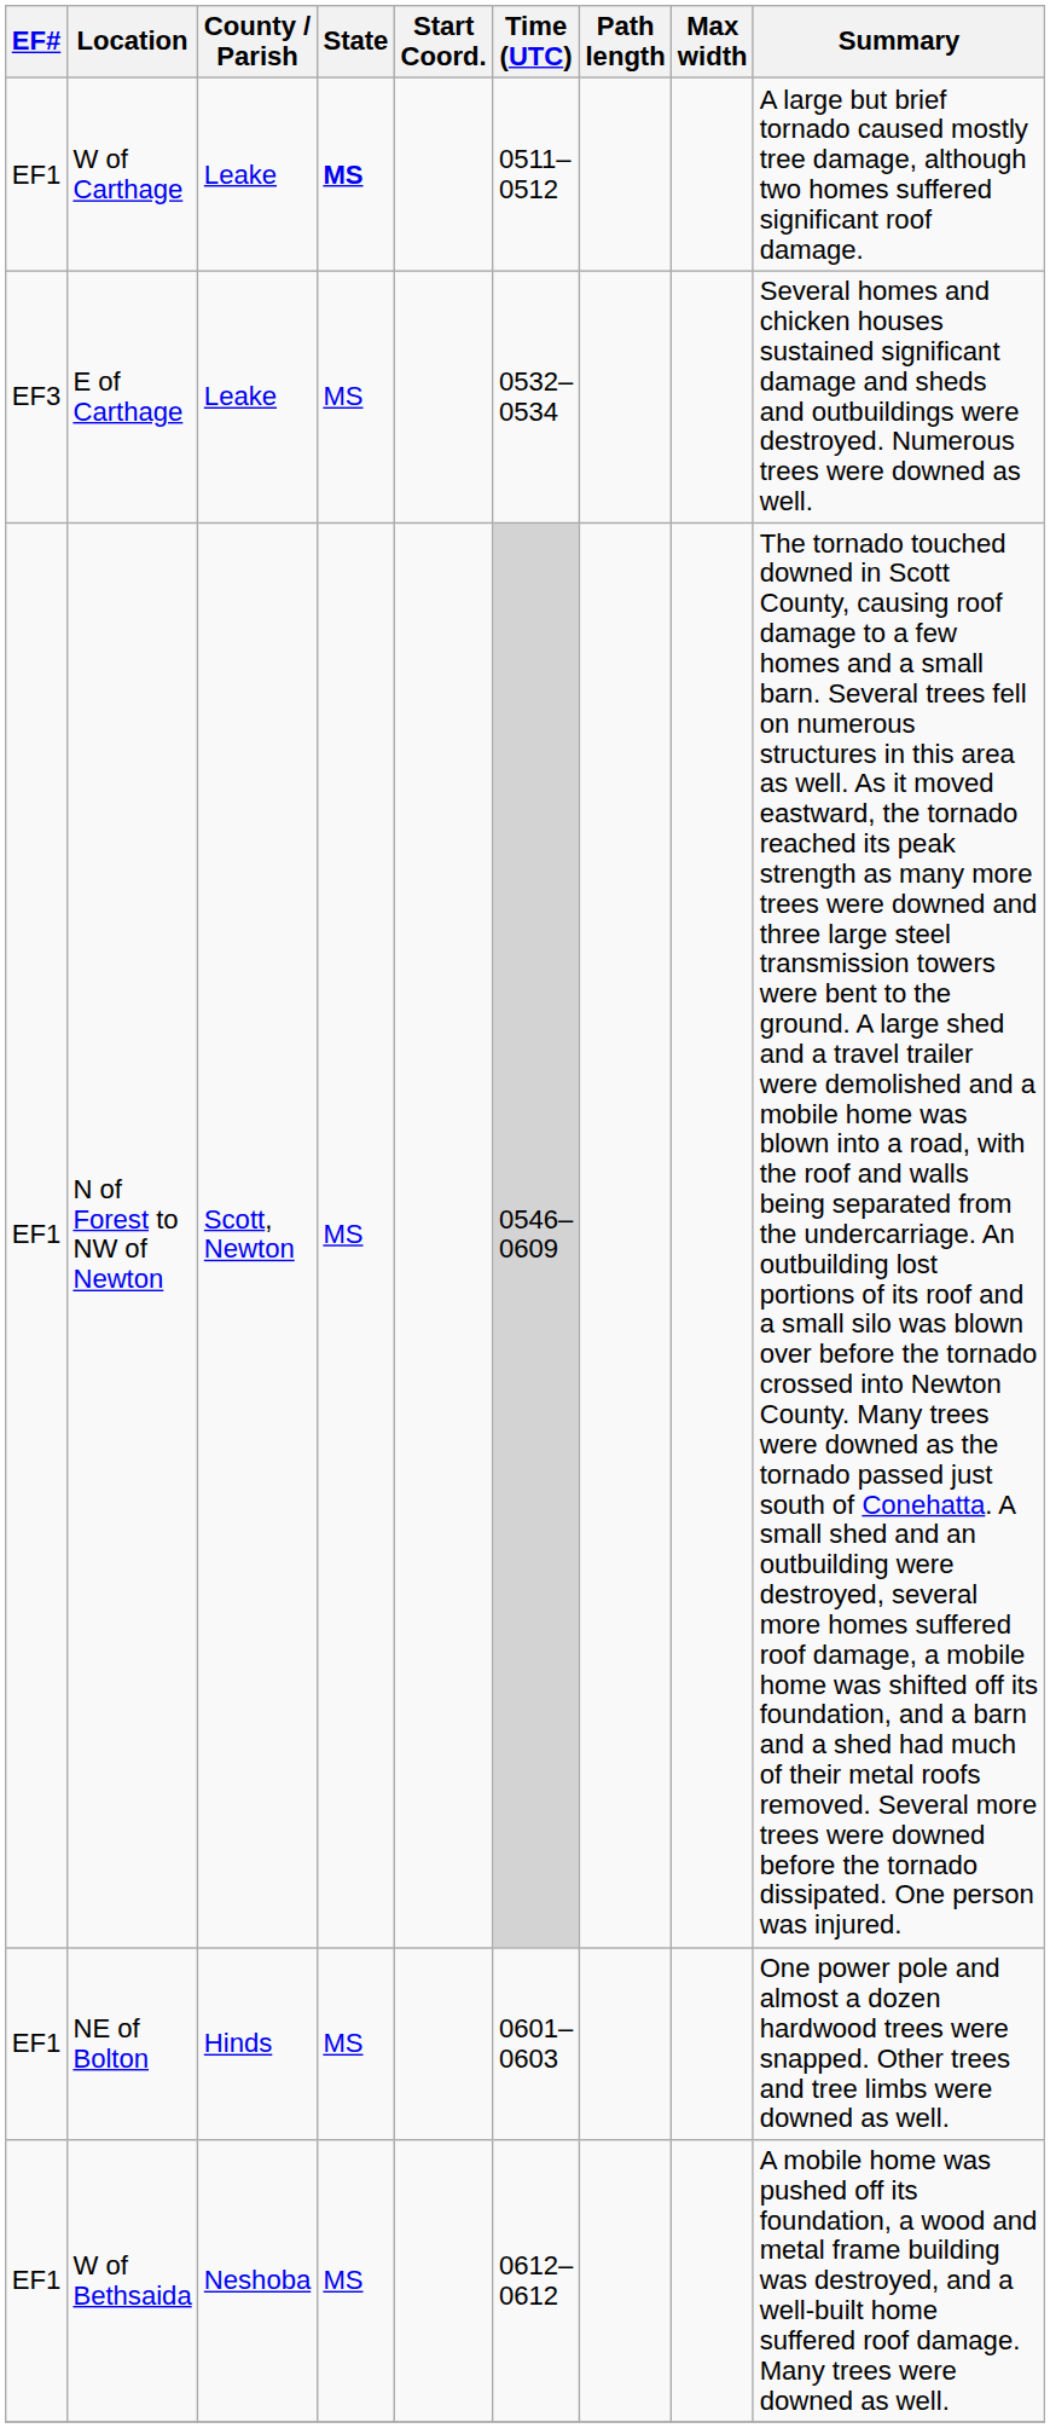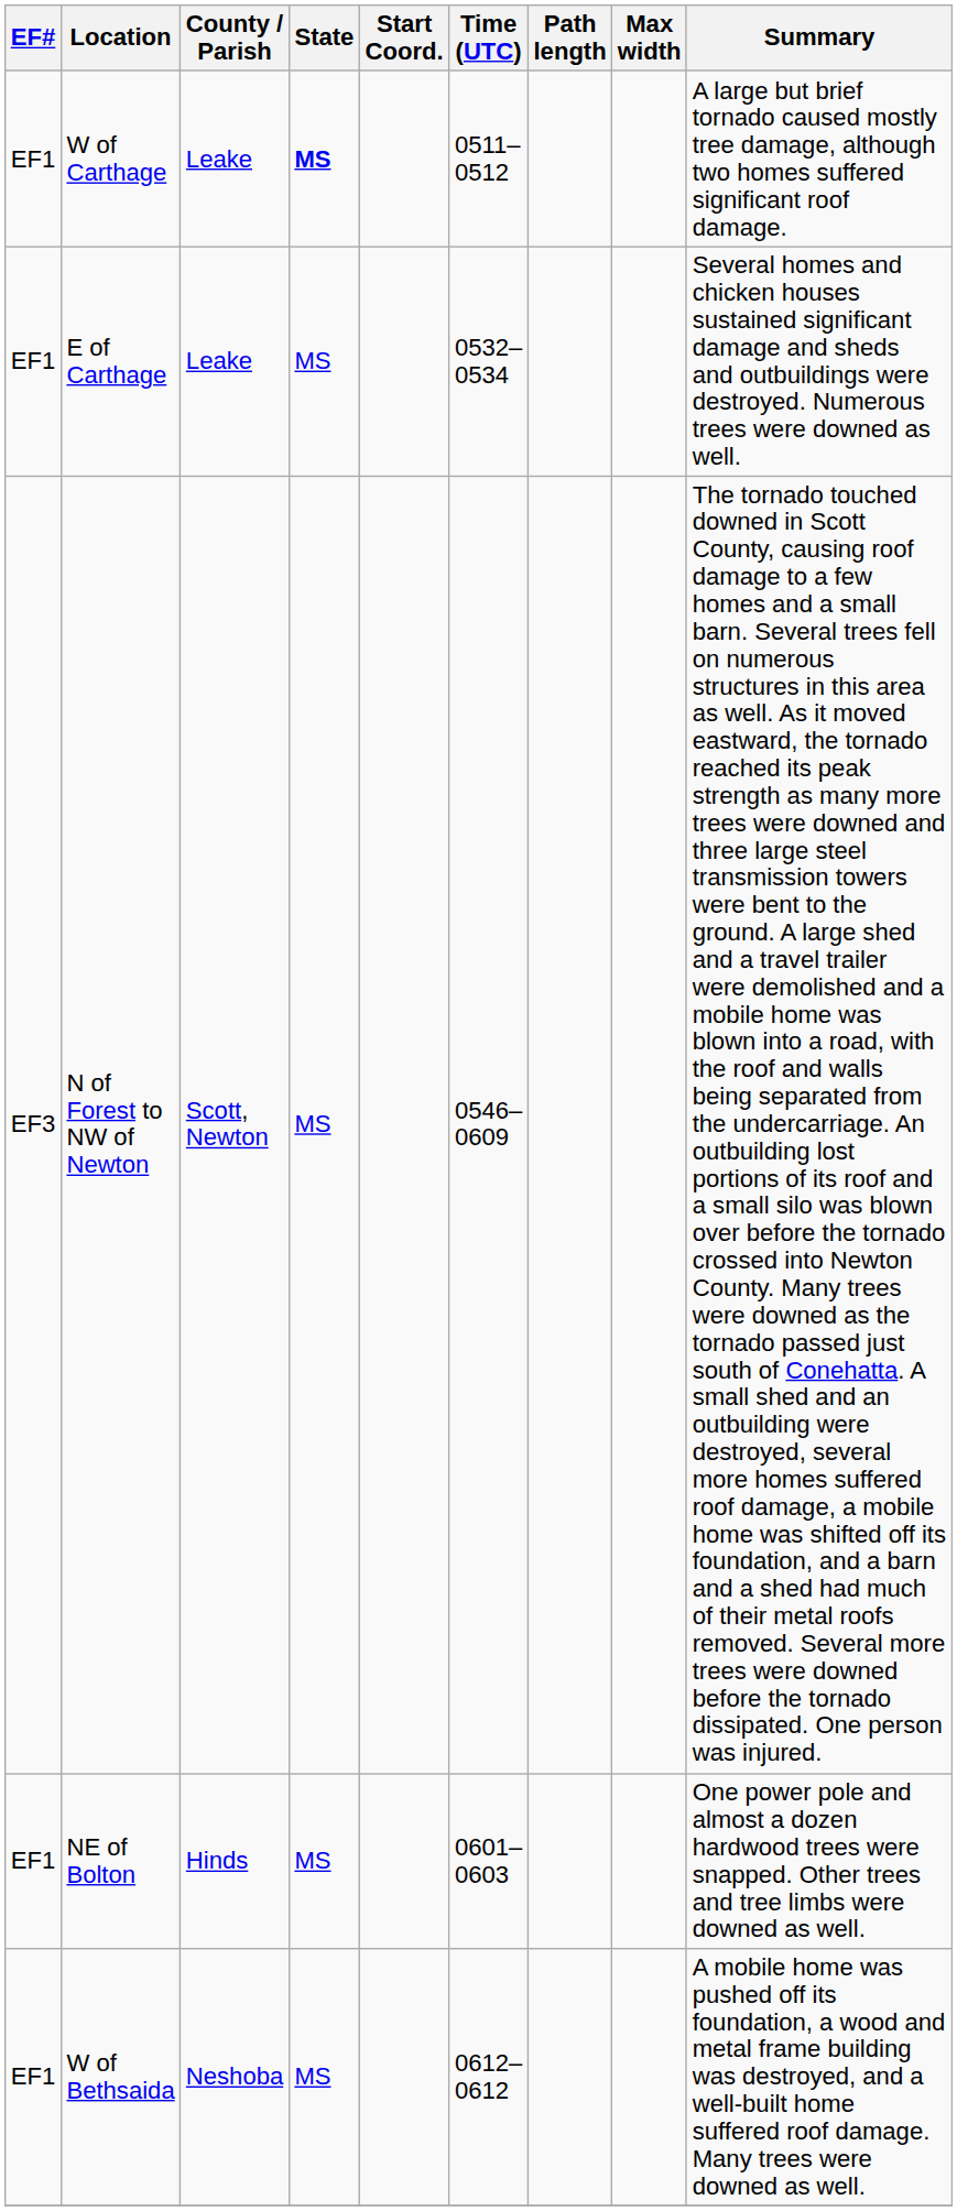 <table class="wikitable sortable" style="width:100%;">
 <tr>
 <th scope="col" width="3%" align="center"><a href='#'>EF#</a></th>
 <th scope="col" width="7%" align="center" class="unsortable">Location</th>
 <th scope="col" width="6%" align="center" class="unsortable">County / Parish</th>
 <th scope="col" width="5%" align="center">State</th>
 <th scope="col" width="6%" align="center">Start Coord.</th>
 <th scope="col" width="6%" align="center">Time (<a href='#'>UTC</a>)</th>
 <th scope="col" width="6%" align="center">Path length</th>
 <th scope="col" width="6%" align="center">Max width</th>
 <th scope="col" width="48%" class="unsortable" align="center">Summary</th>
 </tr>
 <tr>
 <td>EF1</td>
 <td>W of <a href='#'>Carthage</a></td>
 <td><a href='#'>Leake</a></td>
 <td><strong><a href='#'>MS</a></strong></td>
 <td></td>
 <td>0511–0512</td>
 <td></td>
 <td></td>
 <td>A large but brief tornado caused mostly tree damage, although two homes suffered significant roof damage.</td>
 </tr>
 <tr>
-<td>EF3</td>
+<td>EF1</td>
 <td>E of <a href='#'>Carthage</a></td>
 <td><a href='#'>Leake</a></td>
 <td><a href='#'>MS</a></td>
 <td></td>
 <td>0532–0534</td>
 <td></td>
 <td></td>
 <td>Several homes and chicken houses sustained significant damage and sheds and outbuildings were destroyed. Numerous trees were downed as well.</td>
 </tr>
 <tr>
-<td>EF1</td>
+<td>EF3</td>
 <td>N of <a href='#'>Forest</a> to NW of <a href='#'>Newton</a></td>
 <td><a href='#'>Scott</a>, <a href='#'>Newton</a></td>
 <td><a href='#'>MS</a></td>
 <td></td>
-<td style="background: lightgrey;">0546–0609</td>
+<td>0546–0609</td>
 <td></td>
 <td></td>
 <td>The tornado touched downed in Scott County, causing roof damage to a few homes and a small barn. Several trees fell on numerous structures in this area as well. As it moved eastward, the tornado reached its peak strength as many more trees were downed and three large steel transmission towers were bent to the ground. A large shed and a travel trailer were demolished and a mobile home was blown into a road, with the roof and walls being separated from the undercarriage. An outbuilding lost portions of its roof and a small silo was blown over before the tornado crossed into Newton County. Many trees were downed as the tornado passed just south of <a href='#'>Conehatta</a>. A small shed and an outbuilding were destroyed, several more homes suffered roof damage, a mobile home was shifted off its foundation, and a barn and a shed had much of their metal roofs removed. Several more trees were downed before the tornado dissipated. One person was injured.</td>
 </tr>
 <tr>
 <td>EF1</td>
 <td>NE of <a href='#'>Bolton</a></td>
 <td><a href='#'>Hinds</a></td>
 <td><a href='#'>MS</a></td>
 <td></td>
 <td>0601–0603</td>
 <td></td>
 <td></td>
 <td>One power pole and almost a dozen hardwood trees were snapped. Other trees and tree limbs were downed as well.</td>
 </tr>
 <tr>
 <td>EF1</td>
 <td>W of <a href='#'>Bethsaida</a></td>
 <td><a href='#'>Neshoba</a></td>
 <td><a href='#'>MS</a></td>
 <td></td>
 <td>0612–0612</td>
 <td></td>
 <td></td>
 <td>A mobile home was pushed off its foundation, a wood and metal frame building was destroyed, and a well-built home suffered roof damage. Many trees were downed as well.</td>
 </tr>
 <tr>
 </tr>
 </table>
